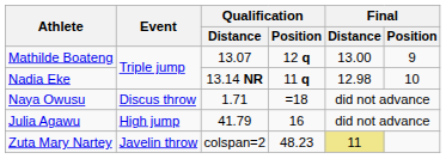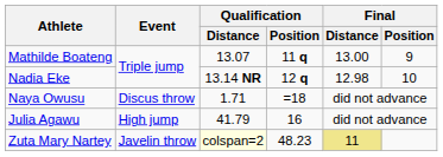 <table class=wikitable style="font-size:90%">
 <tr>
 <th rowspan="2">Athlete</th>
 <th rowspan="2">Event</th>
 <th colspan="2">Qualification</th>
 <th colspan="2">Final</th>
 </tr>
 <tr style="font-size:95%">
 <th>Distance</th>
 <th>Position</th>
 <th>Distance</th>
 <th>Position</th>
 </tr>
 <tr align=center>
 <td align=left><a href='#'>Mathilde Boateng</a></td>
 <td style="text-align:left;" rowspan="2"><a href='#'>Triple jump</a></td>
 <td>13.07</td>
-<td>12 <strong>q</strong></td>
+<td>11 <strong>q</strong></td>
 <td>13.00</td>
 <td>9</td>
 </tr>
 <tr align=center>
 <td align=left><a href='#'>Nadia Eke</a></td>
 <td>13.14 <strong>NR</strong></td>
-<td>11 <strong>q</strong></td>
+<td>12 <strong>q</strong></td>
 <td>12.98</td>
 <td>10</td>
 </tr>
 <tr align=center>
 <td align=left><a href='#'>Naya Owusu</a></td>
 <td style="text-align:left;"><a href='#'>Discus throw</a></td>
 <td>1.71</td>
 <td>=18</td>
 <td colspan=2>did not advance</td>
 </tr>
 <tr align=center>
 <td align=left><a href='#'>Julia Agawu</a></td>
 <td style="text-align:left;"><a href='#'>High jump</a></td>
 <td>41.79</td>
 <td>16</td>
 <td colspan=2>did not advance</td>
 </tr>
 <tr align=center>
 <td align=left><a href='#'>Zuta Mary Nartey</a></td>
 <td style="text-align:left;"><a href='#'>Javelin throw</a></td>
-<td>colspan=2 </td>
+<td style="background: lightyellow;">colspan=2 </td>
 <td>48.23</td>
 <td style="background: khaki;">11</td>
 </tr>
 </table>
